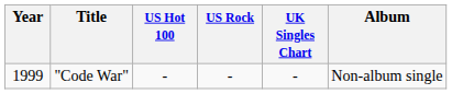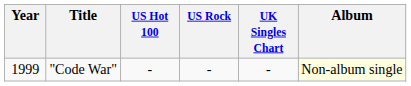 <table class="wikitable">
 <tr>
 <th align="center" valign="top" width="40">Year</th>
 <th align="left" valign="top">Title</th>
 <th align="center" valign="top" width="60"><small><a href='#'>US Hot 100</a></small></th>
 <th align="center" valign="top" width="60"><small><a href='#'>US Rock</a></small></th>
 <th align="center" valign="top";; width="60"><small><a href='#'>UK Singles Chart</a></small></th>
 <th align="left" valign="top">Album</th>
 </tr>
 <tr>
 <td rowspan = 3 align="center" valign="center">1999</td>
 <td align="left" valign="top">"Code War"</td>
 <td align="center" valign="top">-</td>
 <td align="center" valign="top">-</td>
 <td align="center" valign="top">-</td>
-<td align="left" valign="center">Non-album single</td>
+<td align="left" valign="center" style="background: lightyellow;">Non-album single</td>
 </tr>
 </table>
